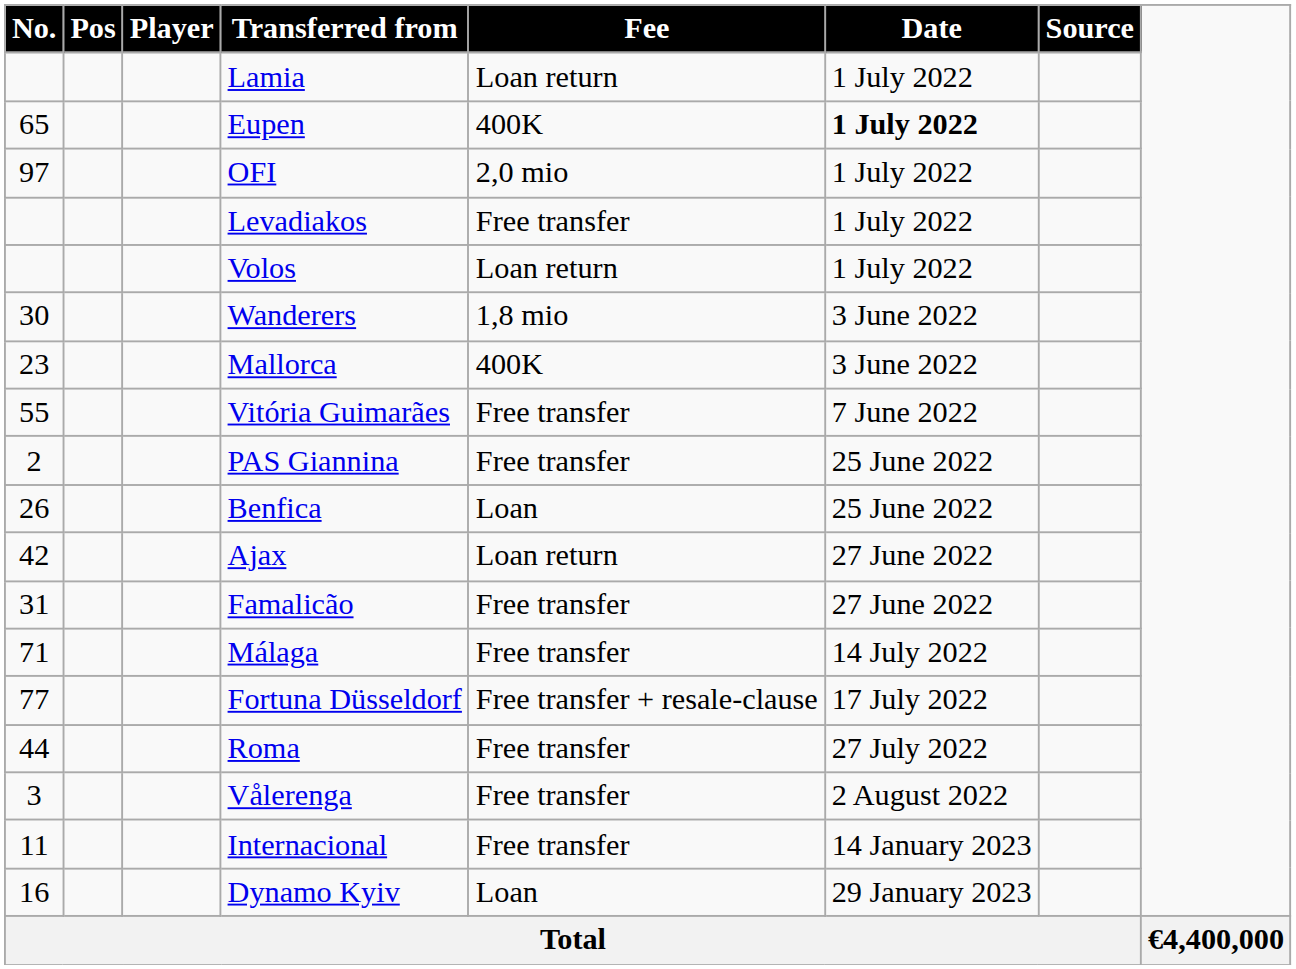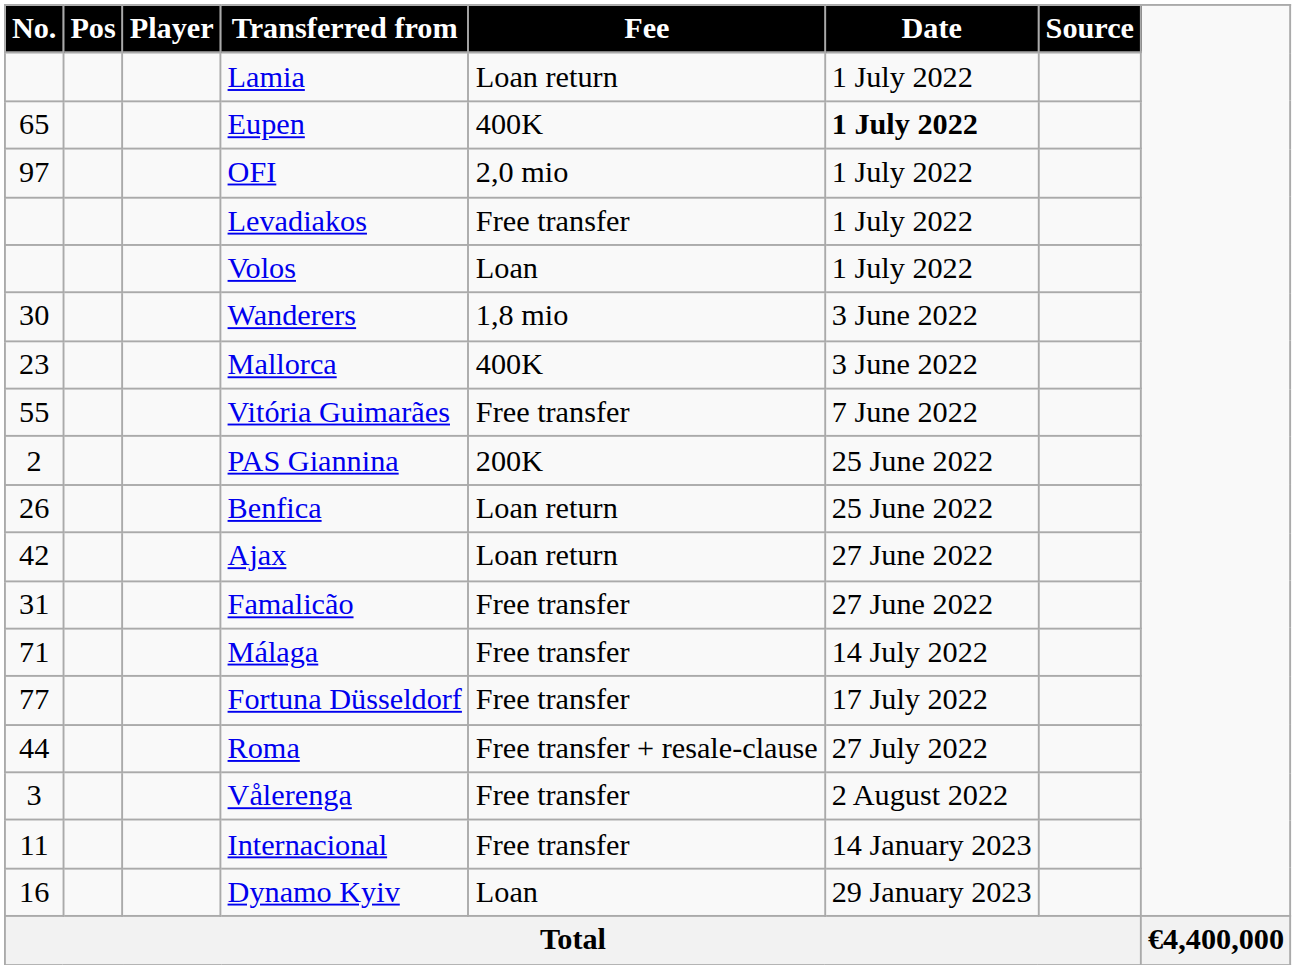 <table class="wikitable plainrowheaders sortable">
 <tr>
 <th style="background:black; color:#FFFFFF; ">No.</th>
 <th style="background:black; color:#FFFFFF; ">Pos</th>
 <th style="background:black; color:#FFFFFF; ">Player</th>
 <th style="background:black; color:#FFFFFF; ">Transferred from</th>
 <th style="background:black; color:#FFFFFF; ">Fee</th>
 <th style="background:black; color:#FFFFFF; ">Date</th>
 <th style="background:black; color:#FFFFFF; ">Source</th>
 </tr>
 <tr>
 <td align=center></td>
 <td align=center></td>
 <td></td>
 <td> <a href='#'>Lamia</a></td>
 <td>Loan return</td>
 <td>1 July 2022</td>
 <td></td>
 </tr>
 <tr>
 <td align=center>65</td>
 <td align=center></td>
 <td></td>
 <td> <a href='#'>Eupen</a></td>
 <td>400K</td>
 <td><strong>1 July 2022</strong></td>
 <td></td>
 </tr>
 <tr>
 <td align=center>97</td>
 <td align=center></td>
 <td></td>
 <td> <a href='#'>OFI</a></td>
 <td>2,0 mio</td>
 <td>1 July 2022</td>
 <td></td>
 </tr>
 <tr>
 <td align=center></td>
 <td align=center></td>
 <td></td>
 <td> <a href='#'>Levadiakos</a></td>
 <td>Free transfer</td>
 <td>1 July 2022</td>
 <td></td>
 </tr>
 <tr>
 <td align=center></td>
 <td align=center></td>
 <td></td>
 <td> <a href='#'>Volos</a></td>
-<td>Loan return</td>
+<td>Loan</td>
 <td>1 July 2022</td>
 <td></td>
 </tr>
 <tr>
 <td align=center>30</td>
 <td align=center></td>
 <td></td>
 <td> <a href='#'>Wanderers</a></td>
 <td>1,8 mio</td>
 <td>3 June 2022</td>
 <td></td>
 </tr>
 <tr>
 <td align=center>23</td>
 <td align=center></td>
 <td></td>
 <td> <a href='#'>Mallorca</a></td>
 <td>400K</td>
 <td>3 June 2022</td>
 <td></td>
 </tr>
 <tr>
 <td align=center>55</td>
 <td align=center></td>
 <td></td>
 <td> <a href='#'>Vitória Guimarães</a></td>
 <td>Free transfer</td>
 <td>7 June  2022</td>
 <td></td>
 </tr>
 <tr>
 <td align=center>2</td>
 <td align=center></td>
 <td></td>
 <td> <a href='#'>PAS Giannina</a></td>
-<td>Free transfer</td>
+<td>200K</td>
 <td>25 June 2022</td>
 <td></td>
 </tr>
 <tr>
 <td align=center>26</td>
 <td align=center></td>
 <td></td>
 <td> <a href='#'>Benfica</a></td>
-<td>Loan</td>
+<td>Loan return</td>
 <td>25 June 2022</td>
 <td></td>
 </tr>
 <tr>
 <td align=center>42</td>
 <td align=center></td>
 <td></td>
 <td> <a href='#'>Ajax</a></td>
 <td>Loan return</td>
 <td>27 June 2022</td>
 <td></td>
 </tr>
 <tr>
 <td align=center>31</td>
 <td align=center></td>
 <td></td>
 <td> <a href='#'>Famalicão</a></td>
 <td>Free transfer</td>
 <td>27 June 2022</td>
 <td></td>
 </tr>
 <tr>
 <td align=center>71</td>
 <td align=center></td>
 <td></td>
 <td> <a href='#'>Málaga</a></td>
 <td>Free transfer</td>
 <td>14 July 2022</td>
 <td></td>
 </tr>
 <tr>
 <td align=center>77</td>
 <td align=center></td>
 <td></td>
 <td> <a href='#'>Fortuna Düsseldorf</a></td>
-<td>Free transfer + resale-clause</td>
+<td>Free transfer</td>
 <td>17 July 2022</td>
 <td></td>
 </tr>
 <tr>
 <td align=center>44</td>
 <td align=center></td>
 <td></td>
 <td> <a href='#'>Roma</a></td>
-<td>Free transfer</td>
+<td>Free transfer + resale-clause</td>
 <td>27 July 2022</td>
 <td></td>
 </tr>
 <tr>
 <td align=center>3</td>
 <td align=center></td>
 <td></td>
 <td> <a href='#'>Vålerenga</a></td>
 <td>Free transfer</td>
 <td>2 August 2022</td>
 <td></td>
 </tr>
 <tr>
 <td align=center>11</td>
 <td align=center></td>
 <td></td>
 <td> <a href='#'>Internacional</a></td>
 <td>Free transfer</td>
 <td>14 January 2023</td>
 <td></td>
 </tr>
 <tr>
 <td align=center>16</td>
 <td align=center></td>
 <td></td>
 <td> <a href='#'>Dynamo Kyiv</a></td>
 <td>Loan</td>
 <td>29 January 2023</td>
 <td></td>
 </tr>
 <tr>
 <th colspan="7">Total</th>
 <th colspan="2">€4,400,000</th>
 </tr>
 </table>
